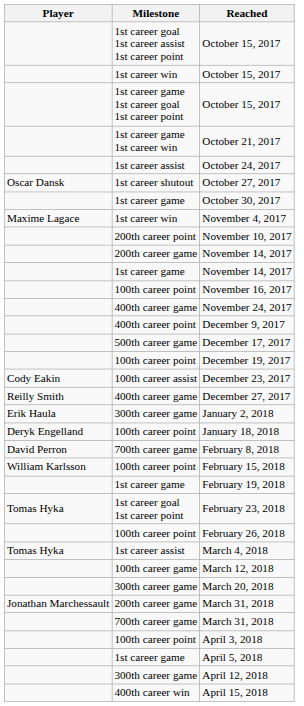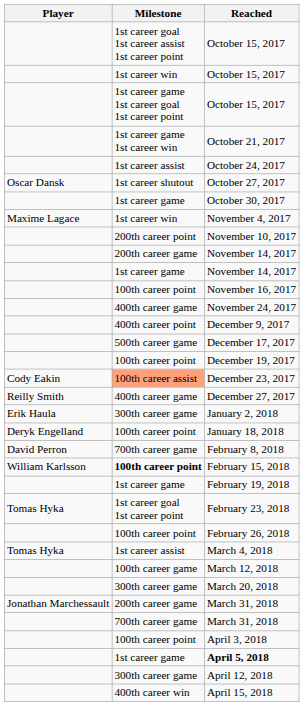 <table class="wikitable sortable">
 <tr>
 <th>Player</th>
 <th>Milestone</th>
 <th data-sort-type="date">Reached</th>
 </tr>
 <tr>
 <td></td>
 <td>1st career goal<br>1st career assist<br>1st career point</td>
 <td>October 15, 2017</td>
 </tr>
 <tr>
 <td></td>
 <td>1st career win</td>
 <td>October 15, 2017</td>
 </tr>
 <tr>
 <td></td>
 <td>1st career game<br>1st career goal<br>1st career point</td>
 <td>October 15, 2017</td>
 </tr>
 <tr>
 <td></td>
 <td>1st career game<br>1st career win</td>
 <td>October 21, 2017</td>
 </tr>
 <tr>
 <td></td>
 <td>1st career assist</td>
 <td>October 24, 2017</td>
 </tr>
 <tr>
 <td>Oscar Dansk</td>
 <td>1st career shutout</td>
 <td>October 27, 2017</td>
 </tr>
 <tr>
 <td></td>
 <td>1st career game</td>
 <td>October 30, 2017</td>
 </tr>
 <tr>
 <td>Maxime Lagace</td>
 <td>1st career win</td>
 <td>November 4, 2017</td>
 </tr>
 <tr>
 <td></td>
 <td>200th career point</td>
 <td>November 10, 2017</td>
 </tr>
 <tr>
 <td></td>
 <td>200th career game</td>
 <td>November 14, 2017</td>
 </tr>
 <tr>
 <td></td>
 <td>1st career game</td>
 <td>November 14, 2017</td>
 </tr>
 <tr>
 <td></td>
 <td>100th career point</td>
 <td>November 16, 2017</td>
 </tr>
 <tr>
 <td></td>
 <td>400th career game</td>
 <td>November 24, 2017</td>
 </tr>
 <tr>
 <td></td>
 <td>400th career point</td>
 <td>December 9, 2017</td>
 </tr>
 <tr>
 <td></td>
 <td>500th career game</td>
 <td>December 17, 2017</td>
 </tr>
 <tr>
 <td></td>
 <td>100th career point</td>
 <td>December 19, 2017</td>
 </tr>
 <tr>
 <td>Cody Eakin</td>
-<td>100th career assist</td>
+<td style="background: lightsalmon;">100th career assist</td>
 <td>December 23, 2017</td>
 </tr>
 <tr>
 <td>Reilly Smith</td>
 <td>400th career game</td>
 <td>December 27, 2017</td>
 </tr>
 <tr>
 <td>Erik Haula</td>
 <td>300th career game</td>
 <td>January 2, 2018</td>
 </tr>
 <tr>
 <td>Deryk Engelland</td>
 <td>100th career point</td>
 <td>January 18, 2018</td>
 </tr>
 <tr>
 <td>David Perron</td>
 <td>700th career game</td>
 <td>February 8, 2018</td>
 </tr>
 <tr>
 <td>William Karlsson</td>
-<td>100th career point</td>
+<td><strong>100th career point</strong></td>
 <td>February 15, 2018</td>
 </tr>
 <tr>
 <td></td>
 <td>1st career game</td>
 <td>February 19, 2018</td>
 </tr>
 <tr>
 <td>Tomas Hyka</td>
 <td>1st career goal<br>1st career point</td>
 <td>February 23, 2018</td>
 </tr>
 <tr>
 <td></td>
 <td>100th career point</td>
 <td>February 26, 2018</td>
 </tr>
 <tr>
 <td>Tomas Hyka</td>
 <td>1st career assist</td>
 <td>March 4, 2018</td>
 </tr>
 <tr>
 <td></td>
 <td>100th career game</td>
 <td>March 12, 2018</td>
 </tr>
 <tr>
 <td></td>
 <td>300th career game</td>
 <td>March 20, 2018</td>
 </tr>
 <tr>
 <td>Jonathan Marchessault</td>
 <td>200th career game</td>
 <td>March 31, 2018</td>
 </tr>
 <tr>
 <td></td>
 <td>700th career game</td>
 <td>March 31, 2018</td>
 </tr>
 <tr>
 <td></td>
 <td>100th career point</td>
 <td>April 3, 2018</td>
 </tr>
 <tr>
 <td></td>
 <td>1st career game</td>
-<td>April 5, 2018</td>
+<td><strong>April 5, 2018</strong></td>
 </tr>
 <tr>
 <td></td>
 <td>300th career game</td>
 <td>April 12, 2018</td>
 </tr>
 <tr>
 <td></td>
 <td>400th career win</td>
 <td>April 15, 2018</td>
 </tr>
 </table>
